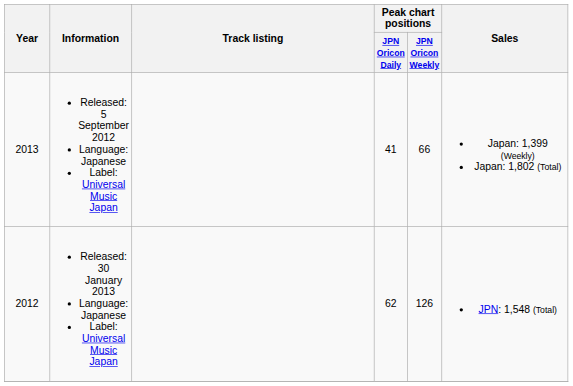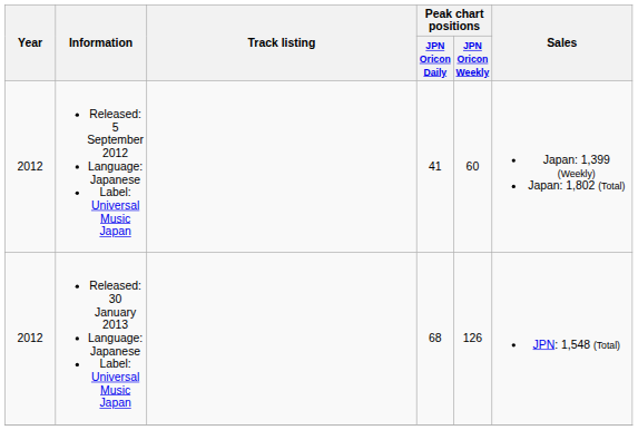 <table class="wikitable" style="text-align:center;">
 <tr>
 <th rowspan="2" style="width:4em;">Year</th>
 <th rowspan="2">Information</th>
 <th rowspan="2" style="width:24em;">Track listing</th>
 <th colspan="2">Peak chart positions</th>
 <th rowspan="2" style="width:12em;">Sales</th>
 </tr>
 <tr>
 <th><small><a href='#'>JPN <br>Oricon Daily</a></small></th>
 <th><small><a href='#'>JPN <br>Oricon Weekly</a></small></th>
 </tr>
 <tr>
-<td>2013</td>
+<td>2012</td>
 <td><br><ul><li>Released: 5 September 2012</li><li>Language: Japanese</li><li>Label: <a href='#'>Universal Music Japan</a></li></ul></td>
 <td style="font-size: 100%;"></td>
 <td>41</td>
-<td>66</td>
+<td>60</td>
 <td><br><ul><li>Japan: 1,399 <small>(Weekly)</small></li><li>Japan: 1,802 <small>(Total)</small></li></ul></td>
 </tr>
 <tr>
 <td>2012</td>
 <td><br><ul><li>Released: 30 January 2013</li><li>Language: Japanese</li><li>Label: <a href='#'>Universal Music Japan</a></li></ul></td>
 <td style="font-size: 100%;"></td>
-<td>62</td>
+<td>68</td>
 <td>126</td>
 <td><br><ul><li><a href='#'>JPN</a>: 1,548 <small>(Total)</small></li></ul></td>
 </tr>
 <tr>
 </tr>
 <tr>
 </tr>
 </table>
